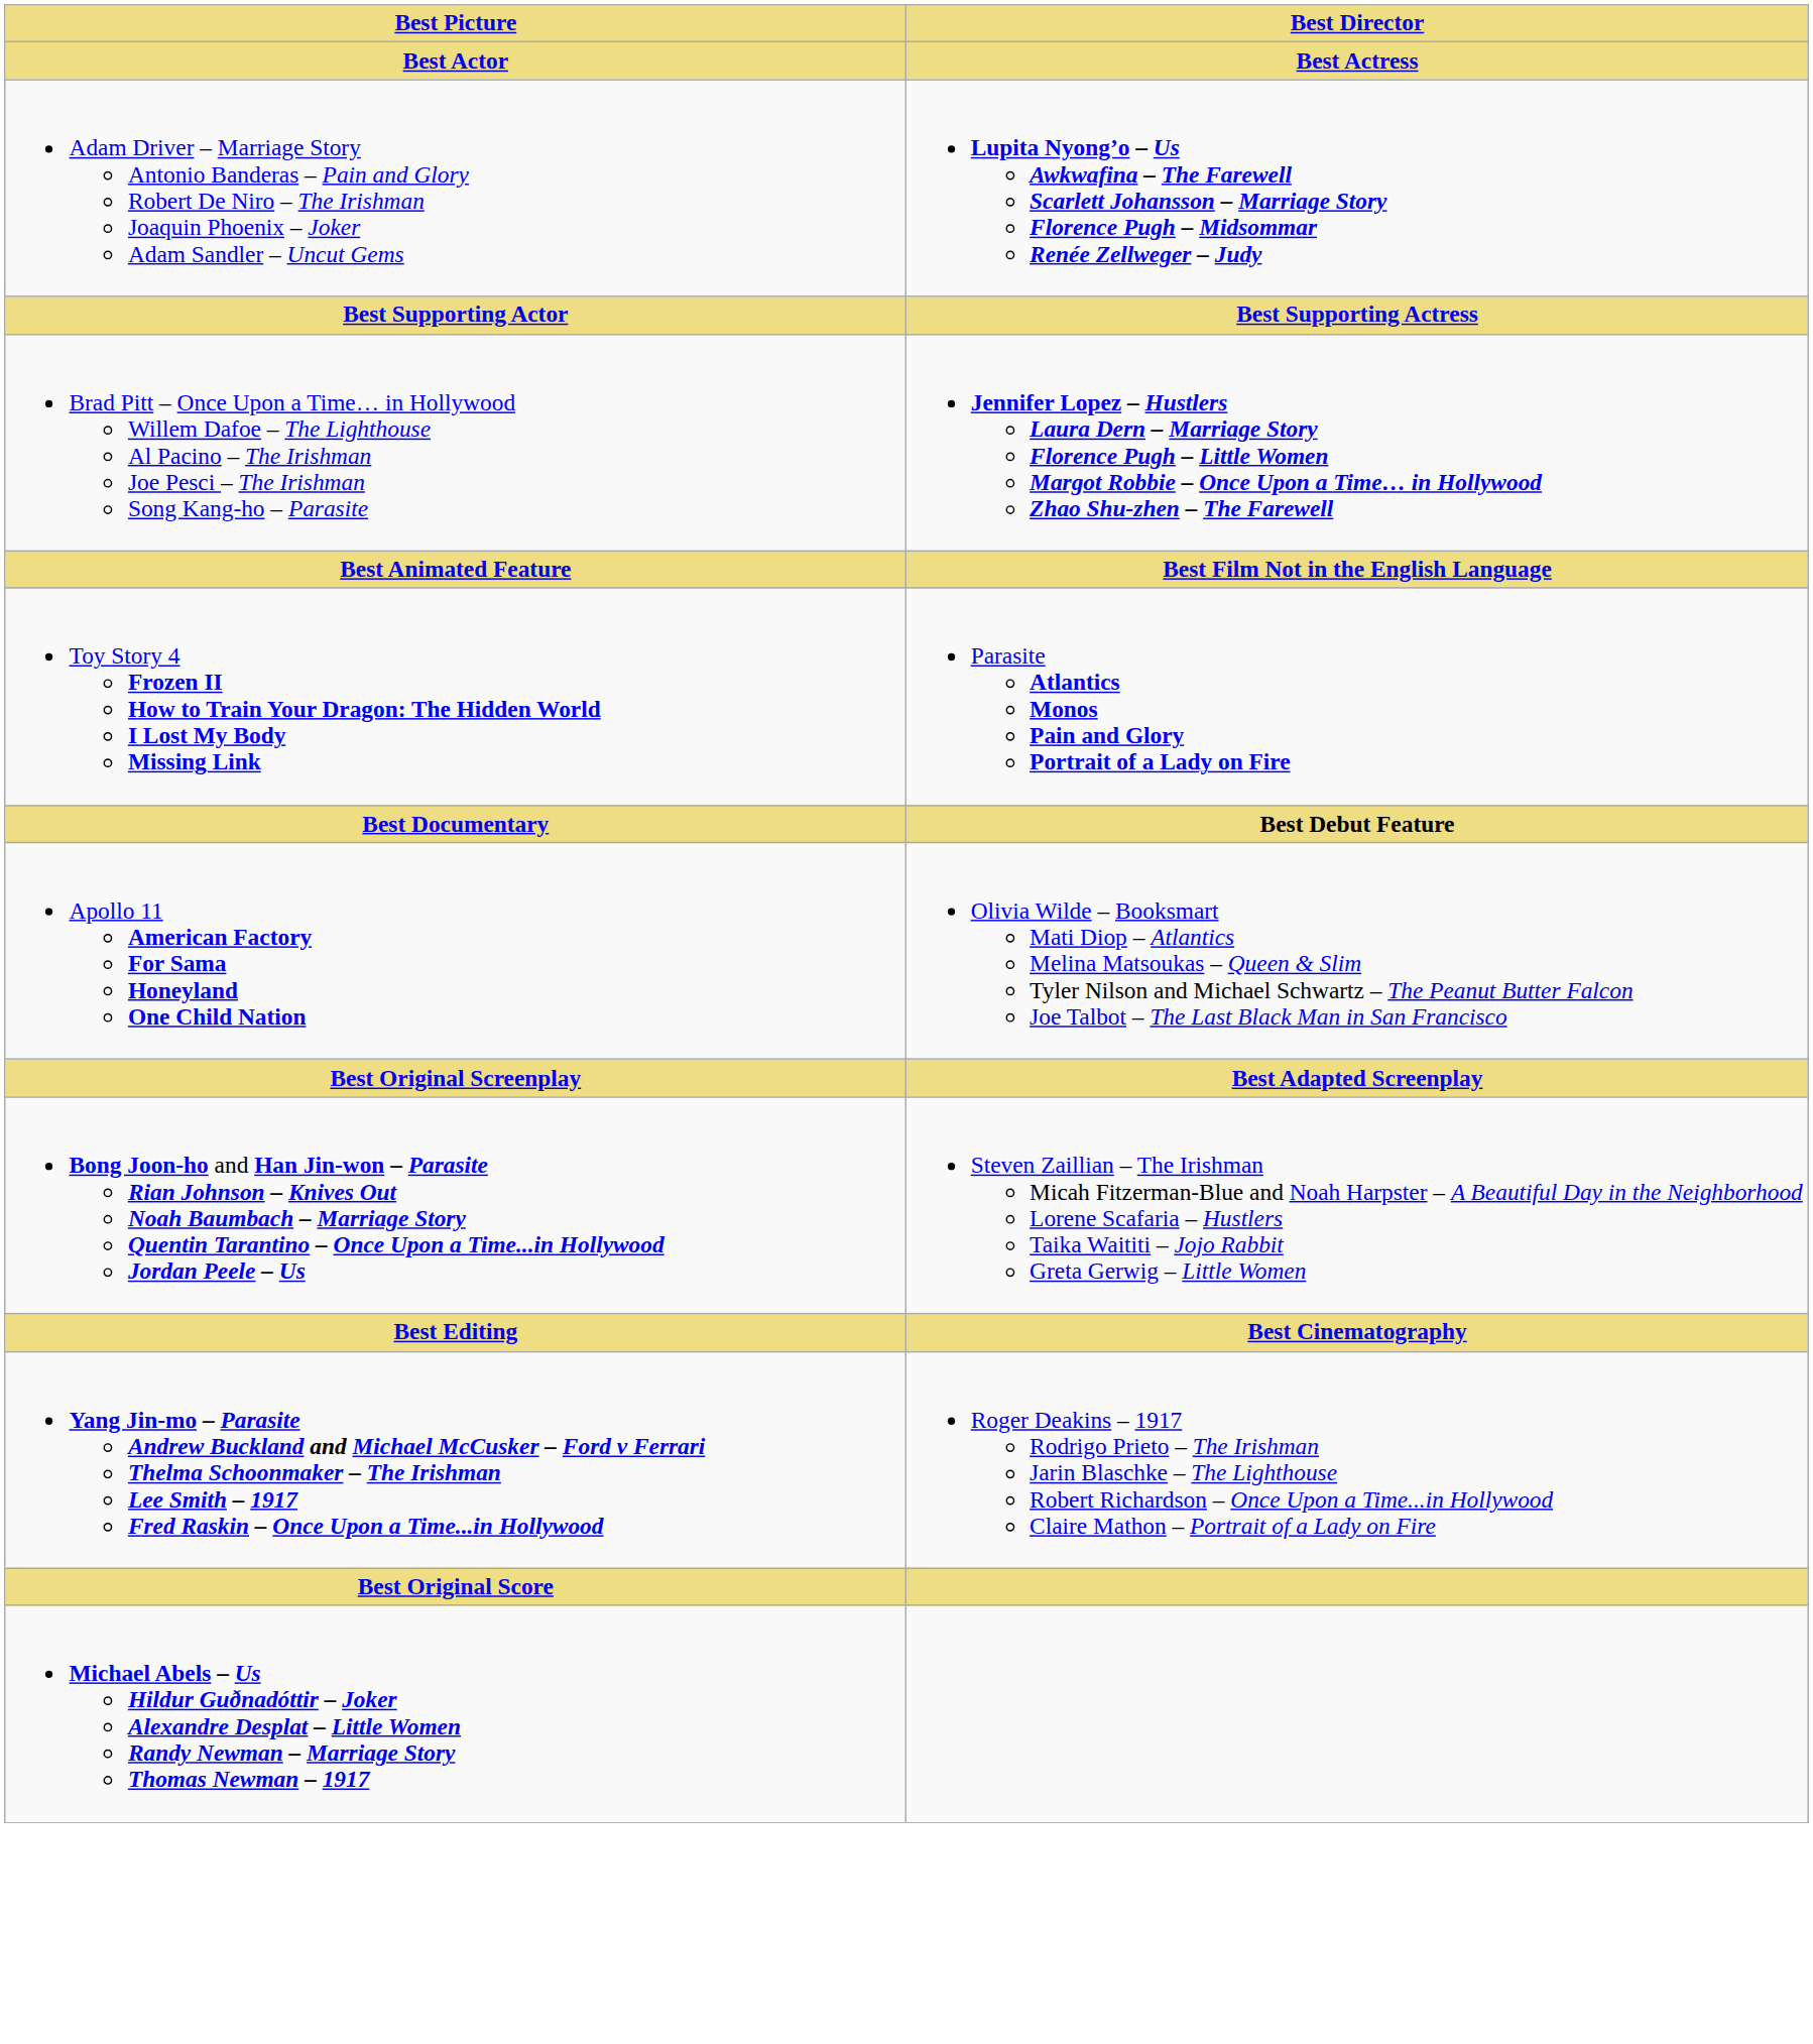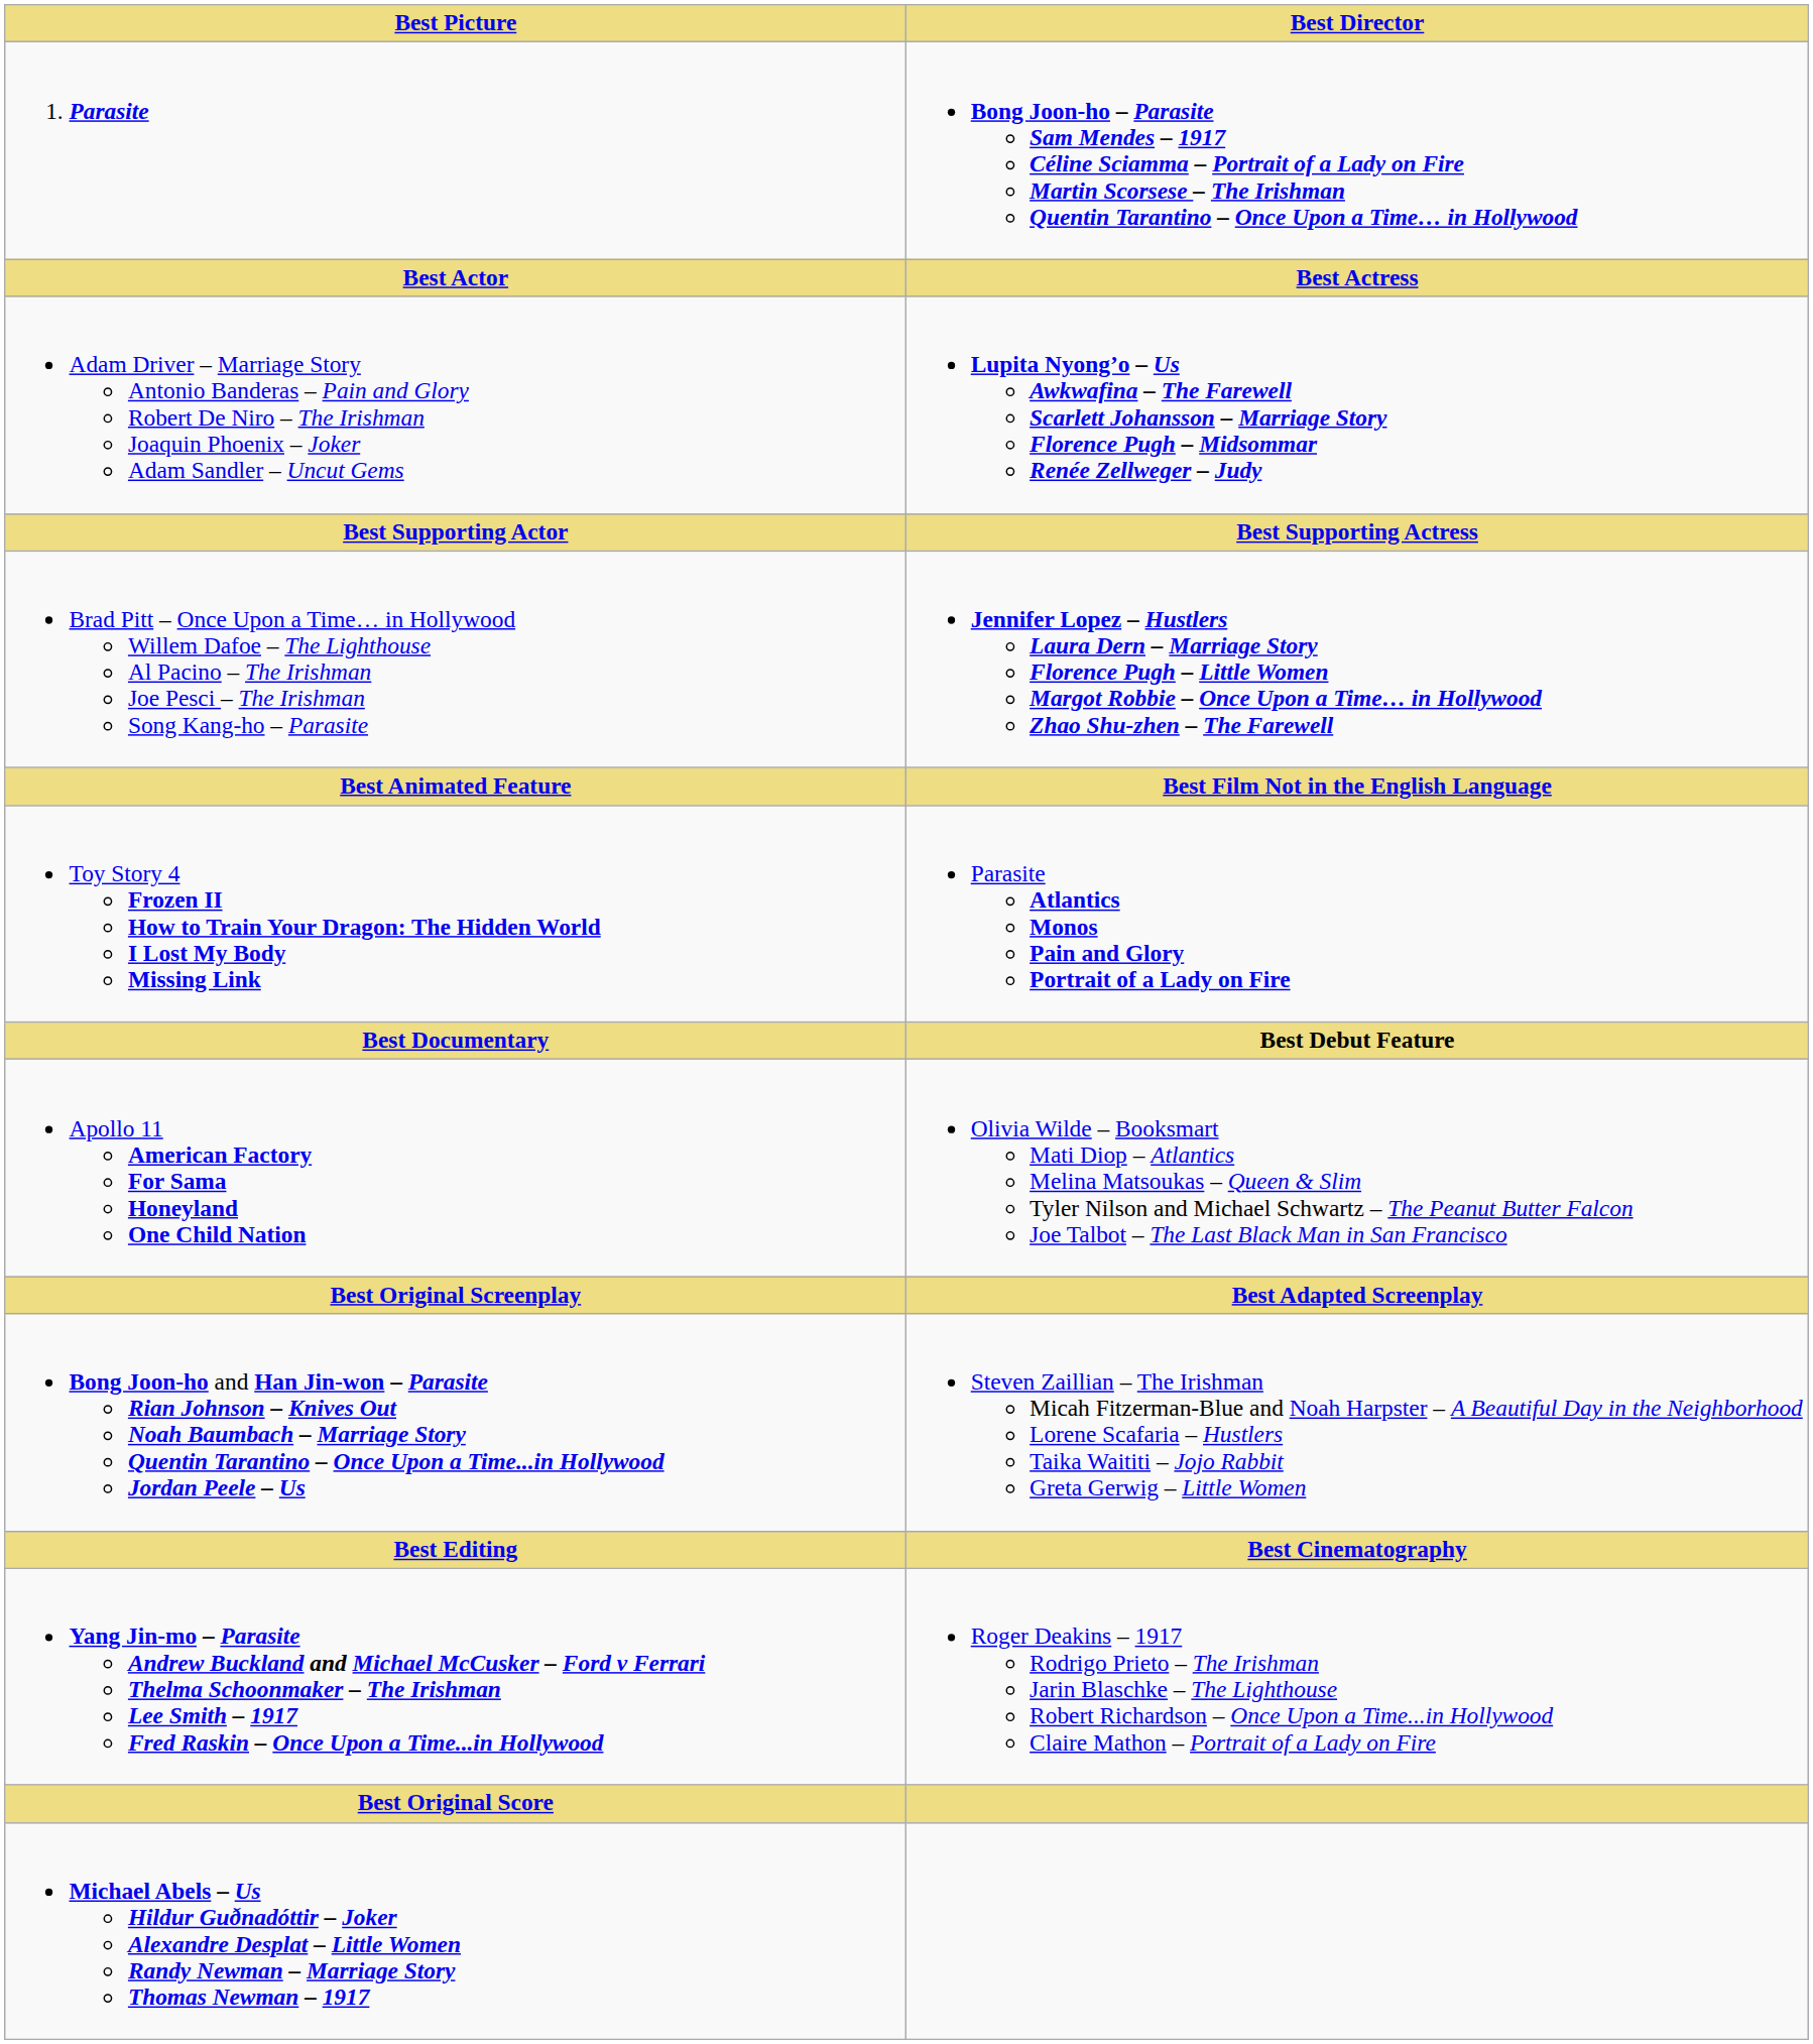 <table class="wikitable">
 <tr>
 <th style="background:#EEDD82; width: 50%"><a href='#'>Best Picture</a></th>
 <th style="background:#EEDD82; width: 50%"><a href='#'>Best Director</a></th>
+</tr>
+<tr>
+<td valign="top"><br><ol><li><strong><em><a href='#'>Parasite</a></em></strong></li></ol></td>
+<td valign="top"><br><ul><li><strong><a href='#'>Bong Joon-ho</a> – <em><a href='#'>Parasite</a><strong><em><ul><li><a href='#'>Sam Mendes</a> – </em><a href='#'>1917</a><em></li><li><a href='#'>Céline Sciamma</a> – </em><a href='#'>Portrait of a Lady on Fire</a><em></li><li><a href='#'>Martin Scorsese </a> – </em><a href='#'>The Irishman</a><em></li><li><a href='#'>Quentin Tarantino</a> – </em><a href='#'>Once Upon a Time… in Hollywood</a><em></li></ul></li></ul></td>
 </tr>
 <tr>
 <th style="background:#EEDD82; width: 50%"><a href='#'>Best Actor</a></th>
 <th style="background:#EEDD82; width: 50%"><a href='#'>Best Actress</a></th>
 </tr>
 <tr>
 <td valign="top"><br><ul><li></strong><a href='#'>Adam Driver</a> – </em><a href='#'>Marriage Story</a></em></strong><ul><li><a href='#'>Antonio Banderas</a> – <em><a href='#'>Pain and Glory</a></em></li><li><a href='#'>Robert De Niro</a> – <em><a href='#'>The Irishman</a></em></li><li><a href='#'>Joaquin Phoenix</a> – <em><a href='#'>Joker</a></em></li><li><a href='#'>Adam Sandler</a> – <em><a href='#'>Uncut Gems</a></em></li></ul></li></ul></td>
 <td valign="top"><br><ul><li><strong><a href='#'>Lupita Nyong’o</a> – <em><a href='#'>Us</a><strong><em><ul><li><a href='#'>Awkwafina</a> – </em><a href='#'>The Farewell</a><em></li><li><a href='#'>Scarlett Johansson</a> – </em><a href='#'>Marriage Story</a><em></li><li><a href='#'>Florence Pugh</a> – </em><a href='#'>Midsommar</a><em></li><li><a href='#'>Renée Zellweger</a> – </em><a href='#'>Judy</a><em></li></ul></li></ul></td>
 </tr>
 <tr>
 <th style="background:#EEDD82; width: 50%"><a href='#'>Best Supporting Actor</a></th>
 <th style="background:#EEDD82; width: 50%"><a href='#'>Best Supporting Actress</a></th>
 </tr>
 <tr>
 <td valign="top"><br><ul><li></strong><a href='#'>Brad Pitt</a> – </em><a href='#'>Once Upon a Time… in Hollywood</a></em></strong><ul><li><a href='#'>Willem Dafoe</a> – <em><a href='#'>The Lighthouse</a></em></li><li><a href='#'>Al Pacino</a> – <em><a href='#'>The Irishman</a></em></li><li><a href='#'>Joe Pesci </a> – <em><a href='#'>The Irishman</a></em></li><li><a href='#'>Song Kang-ho</a> – <em><a href='#'>Parasite</a></em></li></ul></li></ul></td>
 <td valign="top"><br><ul><li><strong><a href='#'>Jennifer Lopez</a> – <em><a href='#'>Hustlers</a><strong><em><ul><li><a href='#'>Laura Dern</a> – </em><a href='#'>Marriage Story</a><em></li><li><a href='#'>Florence Pugh</a> – </em><a href='#'>Little Women</a><em></li><li><a href='#'>Margot Robbie</a> – </em><a href='#'>Once Upon a Time… in Hollywood</a><em></li><li><a href='#'>Zhao Shu-zhen</a> – </em><a href='#'>The Farewell</a><em></li></ul></li></ul></td>
 </tr>
 <tr>
 <th style="background:#EEDD82; width: 50%"><a href='#'>Best Animated Feature</a></th>
 <th style="background:#EEDD82; width: 50%"><a href='#'>Best Film Not in the English Language</a></th>
 </tr>
 <tr>
 <td valign="top"><br><ul><li></em></strong><a href='#'>Toy Story 4</a><strong><em><ul><li></em><a href='#'>Frozen II</a><em></li><li></em><a href='#'>How to Train Your Dragon: The Hidden World</a><em></li><li></em><a href='#'>I Lost My Body</a><em></li><li></em><a href='#'>Missing Link</a><em></li></ul></li></ul></td>
 <td valign="top"><br><ul><li></em></strong><a href='#'>Parasite</a><strong><em><ul><li></em><a href='#'>Atlantics</a><em></li><li></em><a href='#'>Monos</a><em></li><li></em><a href='#'>Pain and Glory</a><em></li><li></em><a href='#'>Portrait of a Lady on Fire</a><em></li></ul></li></ul></td>
 </tr>
 <tr>
 <th style="background:#EEDD82; width: 50%"><a href='#'>Best Documentary</a></th>
 <th style="background:#EEDD82; width: 50%">Best Debut Feature</th>
 </tr>
 <tr>
 <td valign="top"><br><ul><li></em></strong><a href='#'>Apollo 11</a><strong><em><ul><li></em><a href='#'>American Factory</a><em></li><li></em><a href='#'>For Sama</a><em></li><li></em><a href='#'>Honeyland</a><em></li><li></em><a href='#'>One Child Nation</a><em></li></ul></li></ul></td>
 <td valign="top"><br><ul><li></strong><a href='#'>Olivia Wilde</a> – </em><a href='#'>Booksmart</a></em></strong><ul><li><a href='#'>Mati Diop</a> – <em><a href='#'>Atlantics</a></em></li><li><a href='#'>Melina Matsoukas</a> – <em><a href='#'>Queen & Slim</a></em></li><li>Tyler Nilson and Michael Schwartz – <em><a href='#'>The Peanut Butter Falcon</a></em></li><li><a href='#'>Joe Talbot</a> – <em><a href='#'>The Last Black Man in San Francisco</a></em></li></ul></li></ul></td>
 </tr>
 <tr>
 <th style="background:#EEDD82; width: 50%"><a href='#'>Best Original Screenplay</a></th>
 <th style="background:#EEDD82; width: 50%"><a href='#'>Best Adapted Screenplay</a></th>
 </tr>
 <tr>
 <td valign="top"><br><ul><li><strong><a href='#'>Bong Joon-ho</a></strong> and <strong><a href='#'>Han Jin-won</a> – <em><a href='#'>Parasite</a><strong><em><ul><li><a href='#'>Rian Johnson</a> – </em><a href='#'>Knives Out</a><em></li><li><a href='#'>Noah Baumbach</a> – </em><a href='#'>Marriage Story</a><em></li><li><a href='#'>Quentin Tarantino</a> – </em><a href='#'>Once Upon a Time...in Hollywood</a><em></li><li><a href='#'>Jordan Peele</a> – </em><a href='#'>Us</a><em></li></ul></li></ul></td>
 <td valign="top"><br><ul><li></strong><a href='#'>Steven Zaillian</a> – </em><a href='#'>The Irishman</a></em></strong><ul><li>Micah Fitzerman-Blue and <a href='#'>Noah Harpster</a> – <em><a href='#'>A Beautiful Day in the Neighborhood</a></em></li><li><a href='#'>Lorene Scafaria</a> – <em><a href='#'>Hustlers</a></em></li><li><a href='#'>Taika Waititi</a> – <em><a href='#'>Jojo Rabbit</a></em></li><li><a href='#'>Greta Gerwig</a> – <em><a href='#'>Little Women</a></em></li></ul></li></ul></td>
 </tr>
 <tr>
 <th style="background:#EEDD82; width: 50%"><a href='#'>Best Editing</a></th>
 <th style="background:#EEDD82; width: 50%"><a href='#'>Best Cinematography</a></th>
 </tr>
 <tr>
 <td valign="top"><br><ul><li><strong><a href='#'>Yang Jin-mo</a> – <em><a href='#'>Parasite</a><strong><em><ul><li><a href='#'>Andrew Buckland</a> and <a href='#'>Michael McCusker</a> – </em><a href='#'>Ford v Ferrari</a><em></li><li><a href='#'>Thelma Schoonmaker</a> – </em><a href='#'>The Irishman</a><em></li><li><a href='#'>Lee Smith</a> – </em><a href='#'>1917</a><em></li><li><a href='#'>Fred Raskin</a> – </em><a href='#'>Once Upon a Time...in Hollywood</a><em></li></ul></li></ul></td>
 <td valign="top"><br><ul><li></strong><a href='#'>Roger Deakins</a> – </em><a href='#'>1917</a></em></strong><ul><li><a href='#'>Rodrigo Prieto</a> – <em><a href='#'>The Irishman</a></em></li><li><a href='#'>Jarin Blaschke</a> – <em><a href='#'>The Lighthouse</a></em></li><li><a href='#'>Robert Richardson</a> – <em><a href='#'>Once Upon a Time...in Hollywood</a></em></li><li><a href='#'>Claire Mathon</a> – <em><a href='#'>Portrait of a Lady on Fire</a></em></li></ul></li></ul></td>
 </tr>
 <tr>
 <th style="background:#EEDD82; width: 50%"><a href='#'>Best Original Score</a></th>
 <th style="background:#EEDD82; width: 50%"></th>
 </tr>
 <tr>
 <td valign="top"><br><ul><li><strong><a href='#'>Michael Abels</a> – <em><a href='#'>Us</a><strong><em><ul><li><a href='#'>Hildur Guðnadóttir</a> – </em><a href='#'>Joker</a><em></li><li><a href='#'>Alexandre Desplat</a> – </em><a href='#'>Little Women</a><em></li><li><a href='#'>Randy Newman</a> – </em><a href='#'>Marriage Story</a><em></li><li><a href='#'>Thomas Newman</a> – </em><a href='#'>1917</a><em></li></ul></li></ul></td>
 </tr>
 </table>
